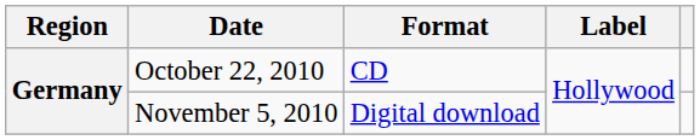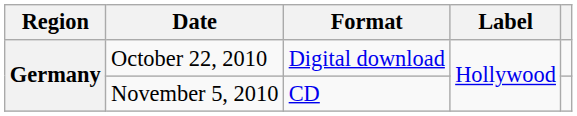 <table class="wikitable plainrowheaders">
 <tr>
 <th scope="col">Region</th>
 <th scope="col">Date</th>
 <th scope="col">Format</th>
 <th scope="col">Label</th>
 <th scope="col"></th>
 </tr>
 <tr>
 <th scope="row" rowspan="2">Germany</th>
 <td>October 22, 2010</td>
-<td><a href='#'>CD</a></td>
+<td><a href='#'>Digital download</a></td>
 <td rowspan="2"><a href='#'>Hollywood</a></td>
 <td align="center"></td>
 </tr>
 <tr>
 <td>November 5, 2010</td>
-<td><a href='#'>Digital download</a></td>
+<td><a href='#'>CD</a></td>
 <td align="center"></td>
 </tr>
 </table>
